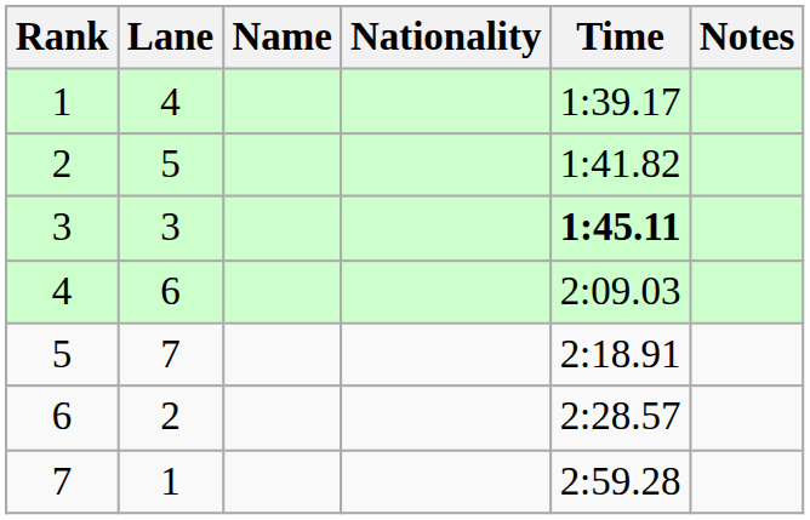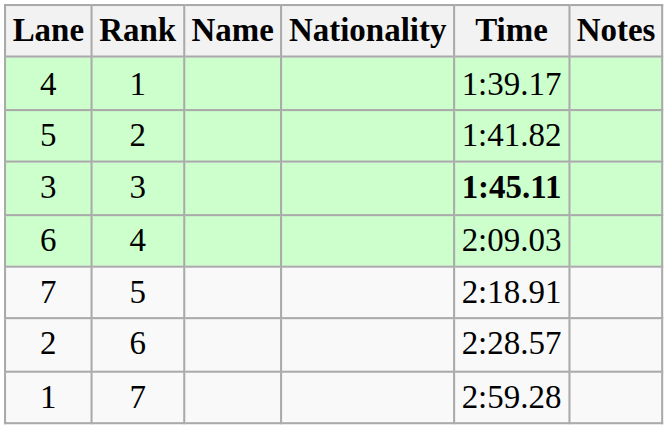 <table class="wikitable sortable" style="text-align:center">
 <tr>
+<th>Lane</th>
 <th>Rank</th>
-<th>Lane</th>
 <th>Name</th>
 <th>Nationality</th>
 <th>Time</th>
 <th>Notes</th>
 </tr>
 <tr bgcolor=ccffcc>
+<td>4</td>
 <td>1</td>
-<td>4</td>
 <td align=left></td>
 <td align=left></td>
 <td>1:39.17</td>
 <td><strong></strong></td>
 </tr>
 <tr bgcolor=ccffcc>
+<td>5</td>
 <td>2</td>
-<td>5</td>
 <td align=left></td>
 <td align=left></td>
 <td>1:41.82</td>
 <td><strong></strong></td>
 </tr>
 <tr bgcolor=ccffcc>
 <td>3</td>
 <td>3</td>
 <td align=left></td>
 <td align=left></td>
 <td><strong>1:45.11</strong></td>
 <td><strong></strong></td>
 </tr>
 <tr bgcolor=ccffcc>
+<td>6</td>
 <td>4</td>
-<td>6</td>
 <td align=left></td>
 <td align=left></td>
 <td>2:09.03</td>
 <td><strong></strong></td>
 </tr>
 <tr>
+<td>7</td>
 <td>5</td>
-<td>7</td>
 <td align=left></td>
 <td align=left></td>
 <td>2:18.91</td>
 <td></td>
 </tr>
 <tr>
+<td>2</td>
 <td>6</td>
-<td>2</td>
 <td align=left></td>
 <td align=left></td>
 <td>2:28.57</td>
 <td></td>
 </tr>
 <tr>
+<td>1</td>
 <td>7</td>
-<td>1</td>
 <td align=left></td>
 <td align=left></td>
 <td>2:59.28</td>
 <td></td>
 </tr>
 </table>
